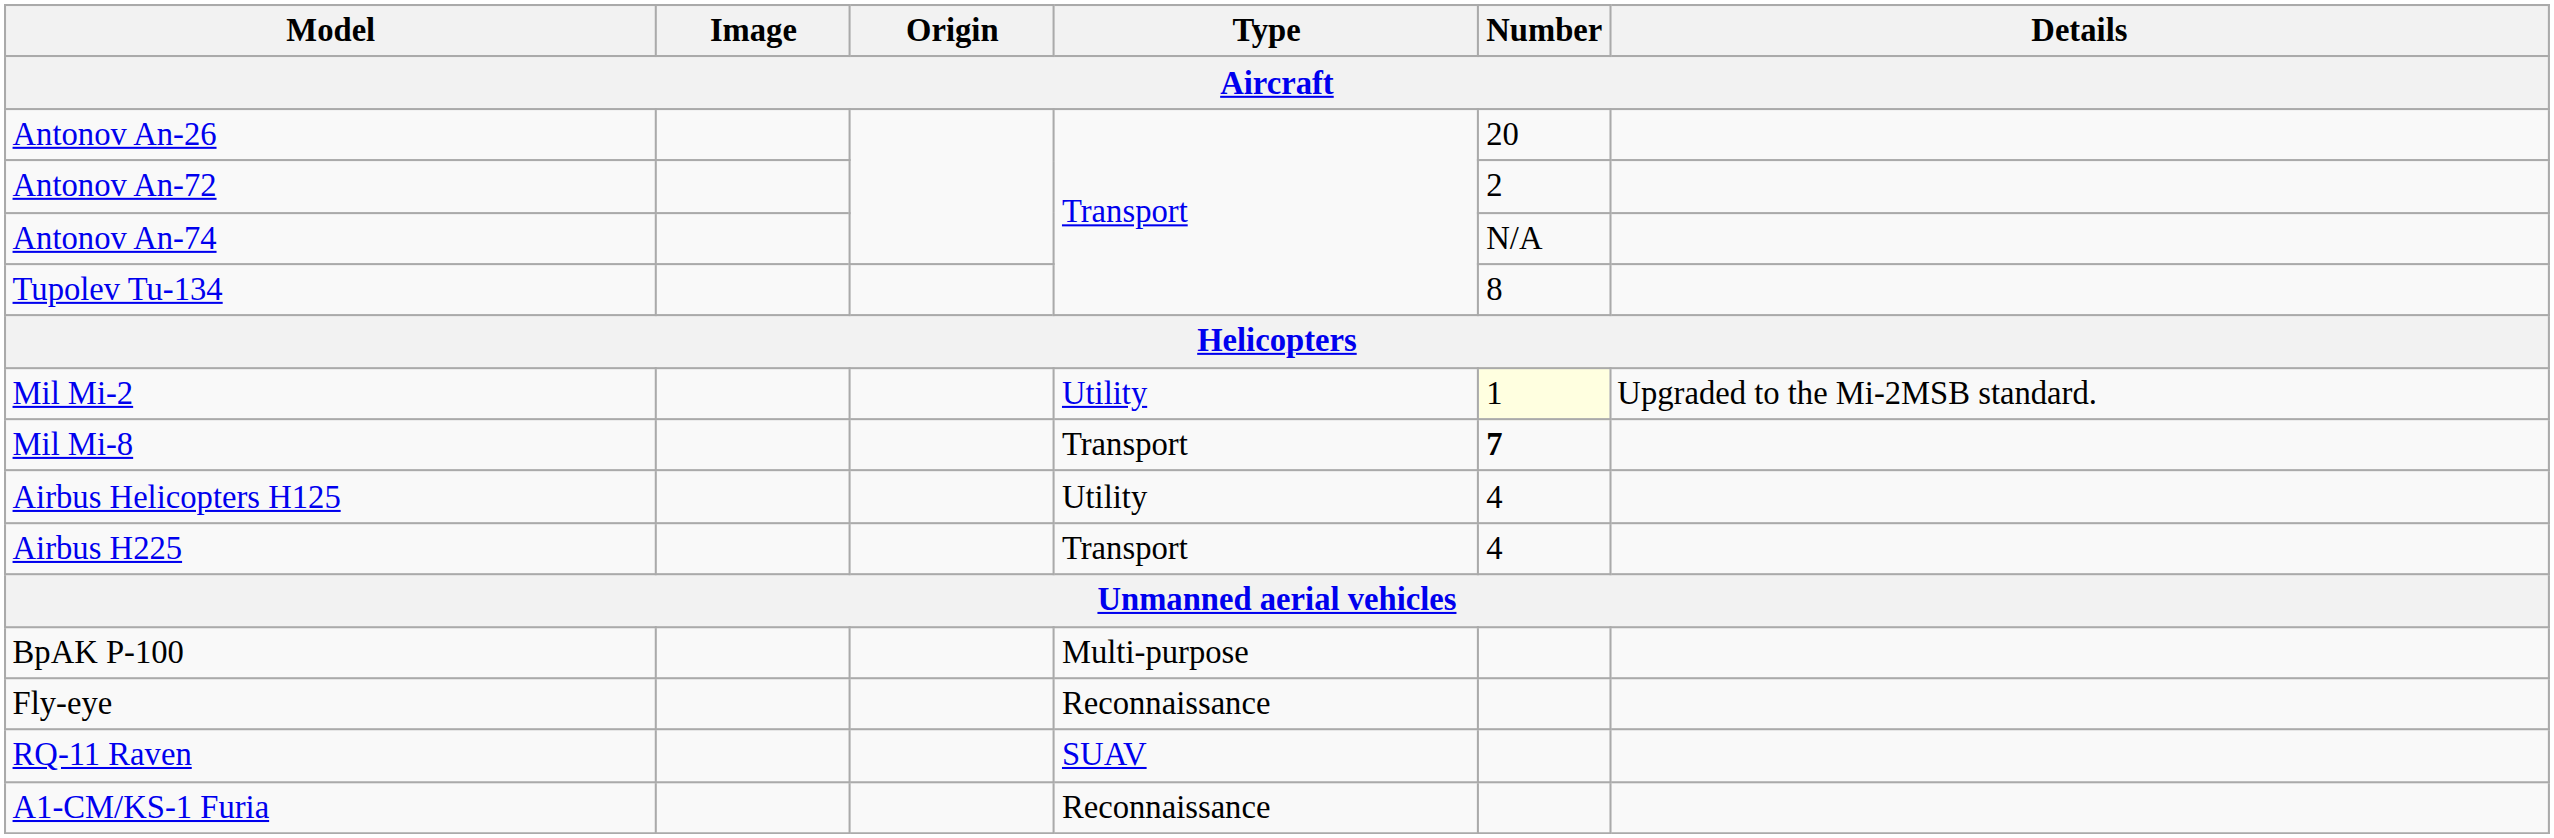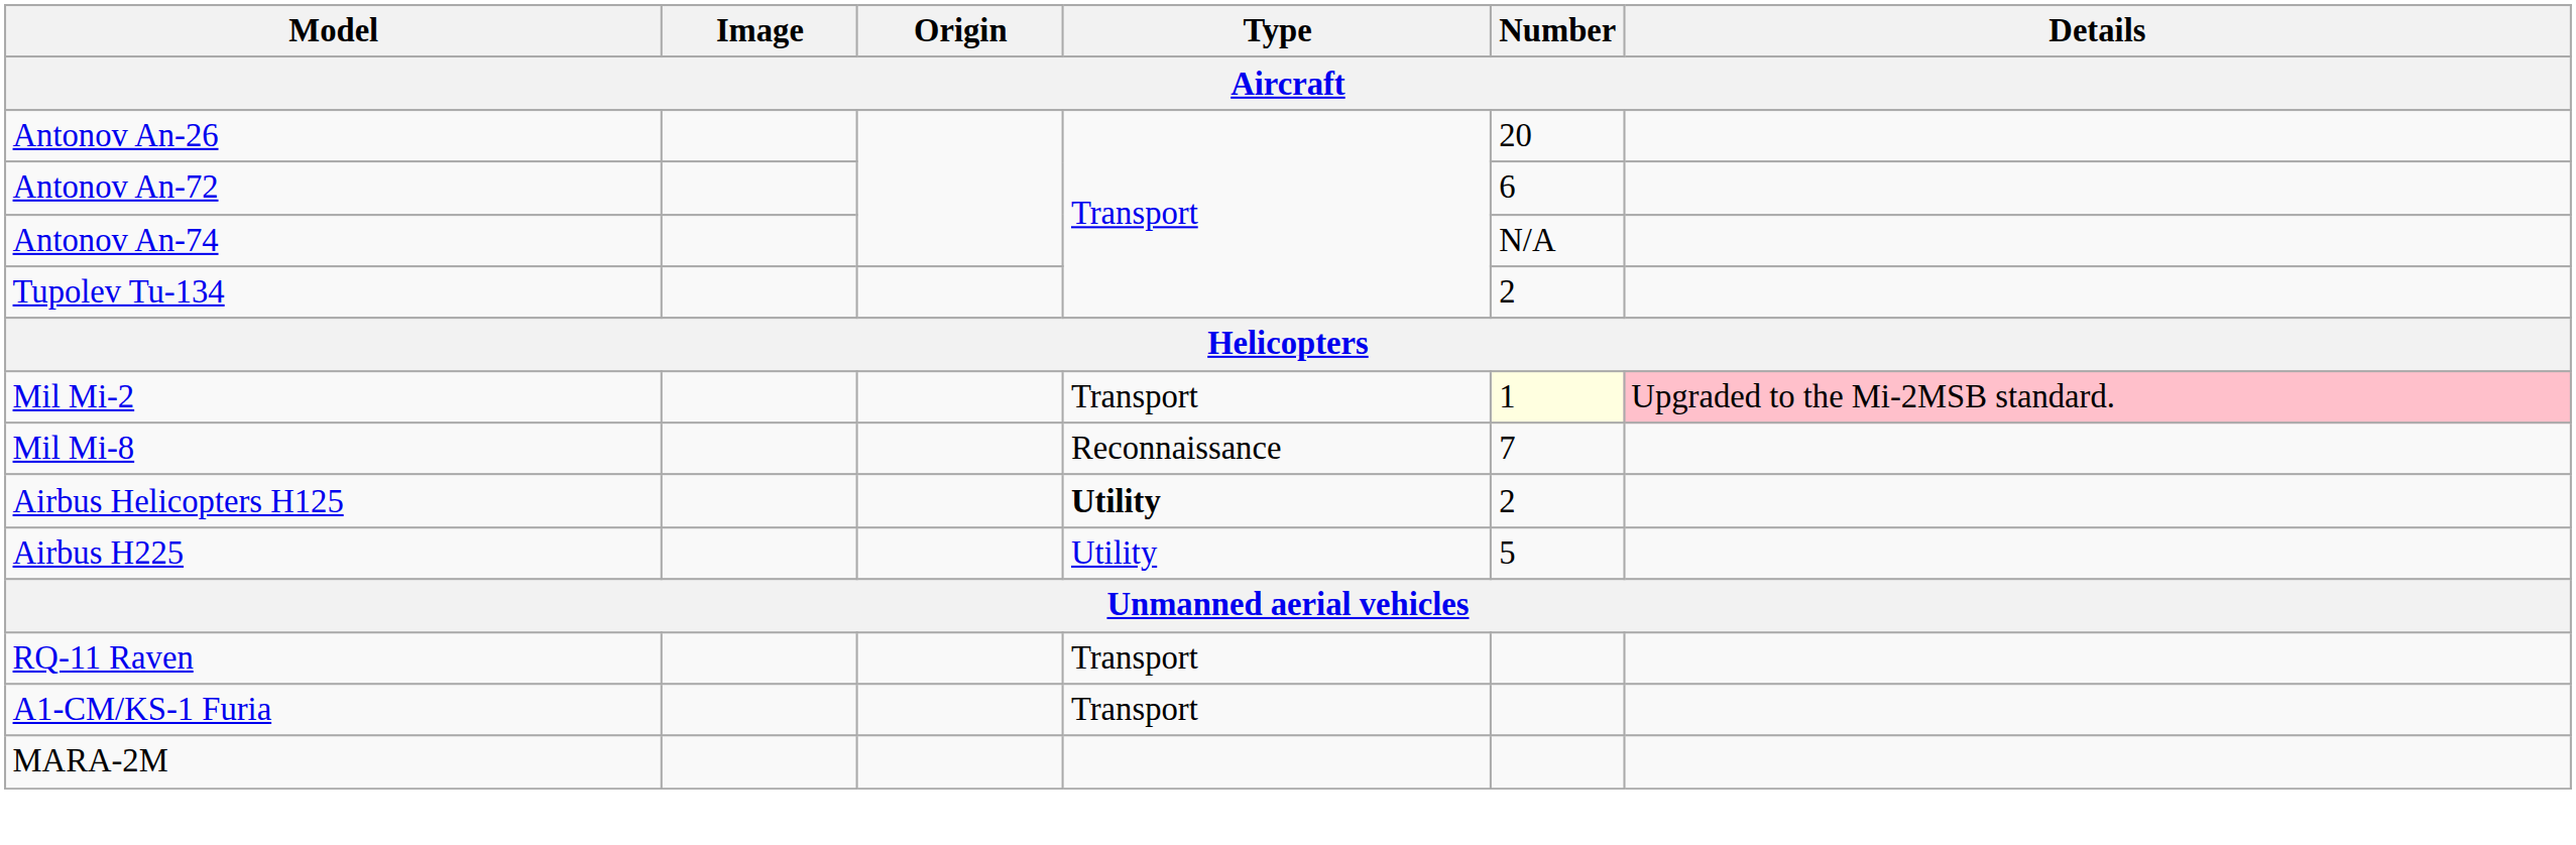 <table class="wikitable">
 <tr>
 <th>Model</th>
 <th>Image</th>
 <th>Origin</th>
 <th>Type</th>
 <th style="width:5%;">Number</th>
 <th>Details</th>
 </tr>
 <tr>
 <th colspan="6" style="align: center;"><a href='#'>Aircraft</a></th>
 </tr>
 <tr>
 <td><a href='#'>Antonov An-26</a></td>
 <td></td>
 <td rowspan="3"><br></td>
 <td rowspan="4"><a href='#'>Transport</a></td>
 <td>20</td>
 <td></td>
 </tr>
 <tr>
 <td><a href='#'>Antonov An-72</a></td>
 <td></td>
-<td>2</td>
+<td>6</td>
 <td></td>
 </tr>
 <tr>
 <td><a href='#'>Antonov An-74</a></td>
 <td></td>
 <td>N/A</td>
 <td></td>
 </tr>
 <tr>
 <td><a href='#'>Tupolev Tu-134</a></td>
 <td></td>
 <td></td>
-<td>8</td>
+<td>2</td>
 <td></td>
 </tr>
 <tr>
 <th colspan="6" style="align: center;"><a href='#'>Helicopters</a></th>
 </tr>
 <tr>
 <td><a href='#'>Mil Mi-2</a></td>
 <td></td>
 <td><br></td>
-<td><a href='#'>Utility</a></td>
+<td>Transport</td>
 <td style="background: lightyellow;">1</td>
-<td>Upgraded to the Mi-2MSB standard.</td>
+<td style="background: pink;">Upgraded to the Mi-2MSB standard.</td>
 </tr>
 <tr>
 <td><a href='#'>Mil Mi-8</a></td>
 <td></td>
 <td></td>
-<td>Transport</td>
-<td><strong>7</strong></td>
+<td>Reconnaissance</td>
+<td>7</td>
 <td></td>
 </tr>
 <tr>
 <td><a href='#'>Airbus Helicopters H125</a></td>
 <td></td>
 <td></td>
-<td>Utility</td>
-<td>4</td>
+<td><strong>Utility</strong></td>
+<td>2</td>
 <td></td>
 </tr>
 <tr>
 <td><a href='#'>Airbus H225</a></td>
 <td></td>
 <td></td>
-<td>Transport</td>
-<td>4</td>
+<td><a href='#'>Utility</a></td>
+<td>5</td>
 <td></td>
 </tr>
 <tr>
 <th colspan="6" style="align: center;"><a href='#'>Unmanned aerial vehicles</a></th>
 </tr>
 <tr>
-<td>BpAK P-100</td>
-<td></td>
-<td></td>
-<td>Multi-purpose</td>
-<td></td>
-<td></td>
-</tr>
-<tr>
-<td>Fly-eye</td>
-<td></td>
-<td><br></td>
-<td>Reconnaissance</td>
-<td></td>
-<td></td>
-</tr>
-<tr>
 <td><a href='#'>RQ-11 Raven</a></td>
 <td></td>
 <td></td>
-<td><a href='#'>SUAV</a></td>
+<td>Transport</td>
 <td></td>
 <td></td>
 </tr>
 <tr>
 <td><a href='#'>A1-CM/KS-1 Furia</a></td>
 <td></td>
 <td></td>
-<td>Reconnaissance</td>
+<td>Transport</td>
+<td></td>
+<td></td>
+</tr>
+<tr>
+<td>MARA-2M</td>
+<td></td>
+<td></td>
+<td></td>
 <td></td>
 <td></td>
 </tr>
 </table>
